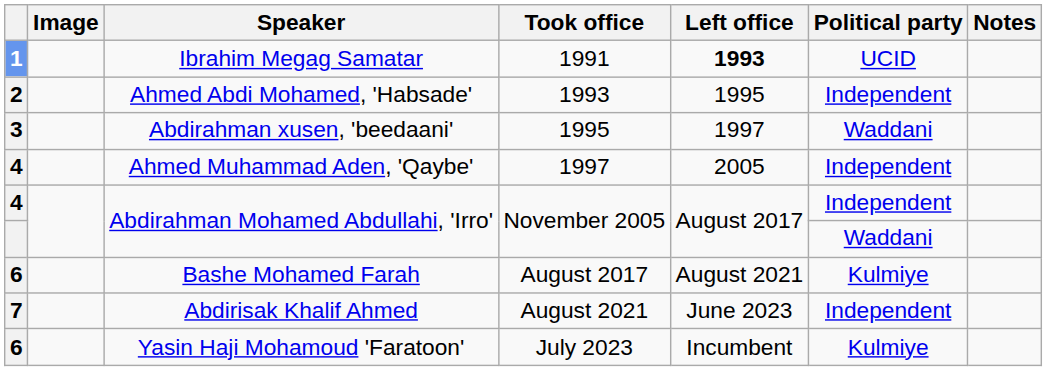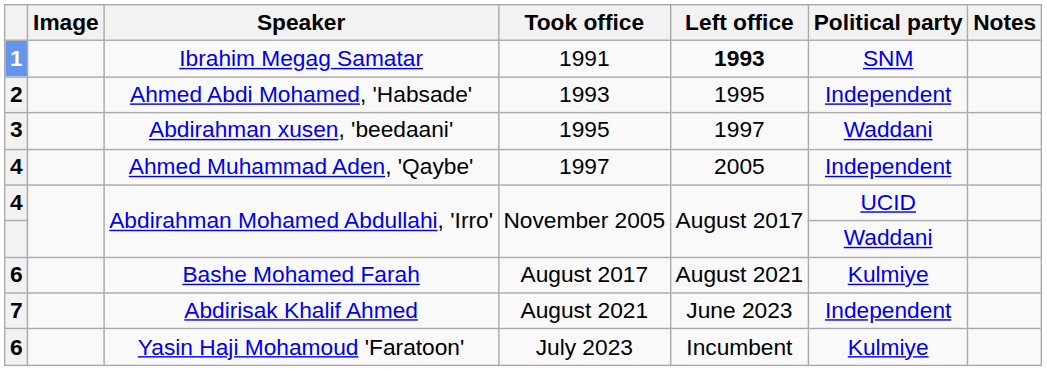 <table class="wikitable" style="text-align:center">
 <tr>
 <th rowspan="1"></th>
 <th>Image</th>
 <th>Speaker</th>
 <th>Took office</th>
 <th>Left office</th>
 <th>Political party</th>
 <th>Notes</th>
 </tr>
 <tr>
 <th style="background:CornflowerBlue; color:white;">1</th>
 <td></td>
 <td><a href='#'>Ibrahim Megag Samatar</a></td>
 <td>1991</td>
 <td><strong>1993</strong></td>
-<td><a href='#'>UCID</a></td>
+<td><a href='#'>SNM</a></td>
 <td></td>
 </tr>
 <tr>
 <th style="background:">2</th>
 <td></td>
 <td><a href='#'>Ahmed Abdi Mohamed</a>, 'Habsade'</td>
 <td>1993</td>
 <td>1995</td>
 <td><a href='#'>Independent</a></td>
 <td></td>
 </tr>
 <tr>
 <th style="background:">3</th>
 <td></td>
 <td><a href='#'>Abdirahman xusen</a>, 'beedaani'</td>
 <td>1995</td>
 <td>1997</td>
 <td><a href='#'>Waddani</a></td>
 <td></td>
 </tr>
 <tr>
 <th style="background:">4</th>
 <td></td>
 <td><a href='#'>Ahmed Muhammad Aden</a>, 'Qaybe'</td>
 <td>1997</td>
 <td>2005</td>
 <td><a href='#'>Independent</a></td>
 <td></td>
 </tr>
 <tr>
 <th style="background:">4</th>
 <td rowspan="2"></td>
 <td rowspan="2"><a href='#'>Abdirahman Mohamed Abdullahi</a>, 'Irro'</td>
 <td rowspan="2">November 2005</td>
 <td rowspan="2">August 2017</td>
-<td><a href='#'>Independent</a></td>
+<td><a href='#'>UCID</a></td>
 </tr>
 <tr>
 <th style="background:"></th>
 <td><a href='#'>Waddani</a></td>
 <td></td>
 </tr>
 <tr>
 <th style="background:">6</th>
 <td></td>
 <td><a href='#'>Bashe Mohamed Farah</a></td>
 <td>August 2017</td>
 <td>August 2021</td>
 <td><a href='#'>Kulmiye</a></td>
 <td></td>
 </tr>
 <tr>
 <th style="background:">7</th>
 <td></td>
 <td><a href='#'>Abdirisak Khalif Ahmed</a></td>
 <td>August 2021</td>
 <td>June 2023</td>
 <td><a href='#'>Independent</a></td>
 <td></td>
 </tr>
 <tr>
 <th style="background:">6</th>
 <td></td>
 <td><a href='#'>Yasin Haji Mohamoud</a> 'Faratoon'</td>
 <td>July 2023</td>
 <td>Incumbent</td>
 <td><a href='#'>Kulmiye</a></td>
 <td></td>
 </tr>
 </table>
